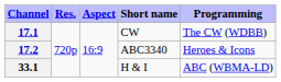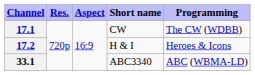 <table class="wikitable">
 <tr>
 <th style="background-color: #bdbdff" scope = "col"><a href='#'>Channel</a></th>
 <th style="background-color: #bdbdff" scope = "col"><a href='#'>Res.</a></th>
 <th style="background-color: #bdbdff" scope = "col"><a href='#'>Aspect</a></th>
 <th style="background-color: #bdbdff" scope = "col">Short name</th>
 <th style="background-color: #bdbdff" scope = "col">Programming</th>
 </tr>
 <tr>
 <th scope = "row"><a href='#'>17.1</a></th>
 <td rowspan=3><a href='#'>720p</a></td>
 <td rowspan=3><a href='#'>16:9</a></td>
 <td>CW</td>
 <td><a href='#'>The CW</a> (<a href='#'>WDBB</a>)</td>
 </tr>
 <tr>
 <th scope = "row"><a href='#'>17.2</a></th>
-<td>ABC3340</td>
+<td>H & I</td>
 <td><a href='#'>Heroes & Icons</a></td>
 </tr>
 <tr>
 <th scope = "row">33.1</th>
-<td>H & I</td>
+<td>ABC3340</td>
 <td><a href='#'>ABC</a> (<a href='#'>WBMA-LD</a>)</td>
 </tr>
 </table>
